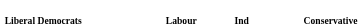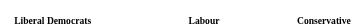 <table style="width:60%; text-align:center;">
 <tr style="color:white;">
 <td style="background:"><strong>20</strong></td>
 <td style="background:"><strong>9</strong></td>
-<td style="background:"><strong>4</strong></td>
 <td style="background:"><strong>27</strong></td>
 </tr>
 <tr>
 <td><span><strong>Liberal Democrats</strong></span></td>
 <td><span><strong>Labour</strong></span></td>
-<td><span><strong>Ind</strong></span></td>
 <td><span><strong>Conservative</strong></span></td>
 </tr>
 </table>
